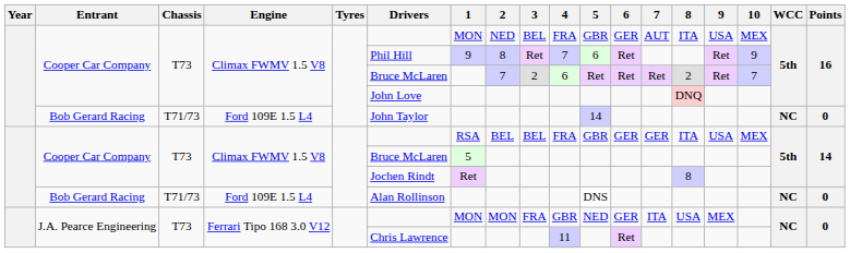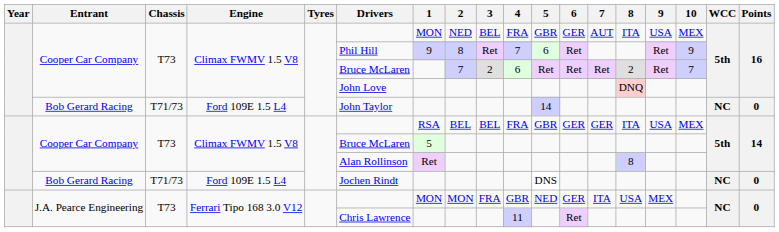 <table class="wikitable" style="font-size:90%; text-align:center">
 <tr>
 <th>Year</th>
 <th>Entrant</th>
 <th>Chassis</th>
 <th>Engine</th>
 <th>Tyres</th>
 <th>Drivers</th>
 <th>1</th>
 <th>2</th>
 <th>3</th>
 <th>4</th>
 <th>5</th>
 <th>6</th>
 <th>7</th>
 <th>8</th>
 <th>9</th>
 <th>10</th>
 <th>WCC</th>
 <th>Points</th>
 </tr>
 <tr>
 <th rowspan="5"></th>
 <td rowspan="4"><a href='#'>Cooper Car Company</a></td>
 <td rowspan="4">T73</td>
 <td rowspan="4"><a href='#'>Climax FWMV</a> 1.5 <a href='#'>V8</a></td>
 <td rowspan="5"></td>
 <td></td>
 <td><a href='#'>MON</a></td>
 <td><a href='#'>NED</a></td>
 <td><a href='#'>BEL</a></td>
 <td><a href='#'>FRA</a></td>
 <td><a href='#'>GBR</a></td>
 <td><a href='#'>GER</a></td>
 <td><a href='#'>AUT</a></td>
 <td><a href='#'>ITA</a></td>
 <td><a href='#'>USA</a></td>
 <td><a href='#'>MEX</a></td>
 <th rowspan="4">5th</th>
 <th rowspan="4">16</th>
 </tr>
 <tr>
 <td style="text-align:left"> <a href='#'>Phil Hill</a></td>
 <td style="background:#CFCFFF">9</td>
 <td style="background:#CFCFFF">8</td>
 <td style="background:#EFCFFF">Ret</td>
 <td style="background:#CFCFFF">7</td>
 <td style="background:#DFFFDF">6</td>
 <td style="background:#EFCFFF">Ret</td>
 <td></td>
 <td></td>
 <td style="background:#EFCFFF">Ret</td>
 <td style="background:#CFCFFF">9</td>
 </tr>
 <tr>
 <td style="text-align:left"> <a href='#'>Bruce McLaren</a></td>
 <td></td>
 <td style="background:#CFCFFF">7</td>
 <td style="background:#DFDFDF">2</td>
 <td style="background:#DFFFDF">6</td>
 <td style="background:#EFCFFF">Ret</td>
 <td style="background:#EFCFFF">Ret</td>
 <td style="background:#EFCFFF">Ret</td>
 <td style="background:#DFDFDF">2</td>
 <td style="background:#EFCFFF">Ret</td>
 <td style="background:#CFCFFF">7</td>
 </tr>
 <tr>
 <td style="text-align:left"> <a href='#'>John Love</a></td>
 <td></td>
 <td></td>
 <td></td>
 <td></td>
 <td></td>
 <td></td>
 <td></td>
 <td style="background:#FFCFCF">DNQ</td>
 <td></td>
 <td></td>
 </tr>
 <tr>
 <td><a href='#'>Bob Gerard Racing</a></td>
 <td>T71/73</td>
 <td><a href='#'>Ford</a> 109E 1.5 <a href='#'>L4</a></td>
 <td style="text-align:left"> <a href='#'>John Taylor</a></td>
 <td></td>
 <td></td>
 <td></td>
 <td></td>
 <td style="background:#CFCFFF">14</td>
 <td></td>
 <td></td>
 <td></td>
 <td></td>
 <td></td>
 <th>NC</th>
 <th>0</th>
 </tr>
 <tr>
 <th rowspan="4"></th>
 <td rowspan="3"><a href='#'>Cooper Car Company</a></td>
 <td rowspan="3">T73</td>
 <td rowspan="3"><a href='#'>Climax FWMV</a> 1.5 <a href='#'>V8</a></td>
 <td rowspan="4"></td>
 <td></td>
 <td><a href='#'>RSA</a></td>
 <td><a href='#'>BEL</a></td>
 <td><a href='#'>BEL</a></td>
 <td><a href='#'>FRA</a></td>
 <td><a href='#'>GBR</a></td>
 <td><a href='#'>GER</a></td>
 <td><a href='#'>GER</a></td>
 <td><a href='#'>ITA</a></td>
 <td><a href='#'>USA</a></td>
 <td><a href='#'>MEX</a></td>
 <th rowspan="3">5th</th>
 <th rowspan="3">14</th>
 </tr>
 <tr>
 <td style="text-align:left"> <a href='#'>Bruce McLaren</a></td>
 <td style="background:#DFFFDF">5</td>
 <td></td>
 <td></td>
 <td></td>
 <td></td>
 <td></td>
 <td></td>
 <td></td>
 <td></td>
 <td></td>
 </tr>
 <tr>
-<td style="text-align:left"> <a href='#'>Jochen Rindt</a></td>
+<td style="text-align:left"> <a href='#'>Alan Rollinson</a></td>
 <td style="background:#EFCFFF">Ret</td>
 <td></td>
 <td></td>
 <td></td>
 <td></td>
 <td></td>
 <td></td>
 <td style="background:#CFCFFF">8</td>
 <td></td>
 <td></td>
 </tr>
 <tr>
 <td><a href='#'>Bob Gerard Racing</a></td>
 <td>T71/73</td>
 <td><a href='#'>Ford</a> 109E 1.5 <a href='#'>L4</a></td>
-<td style="text-align:left"> <a href='#'>Alan Rollinson</a></td>
+<td style="text-align:left"> <a href='#'>Jochen Rindt</a></td>
 <td></td>
 <td></td>
 <td></td>
 <td></td>
 <td style="background:#FFFFFF">DNS</td>
 <td></td>
 <td></td>
 <td></td>
 <td></td>
 <td></td>
 <th>NC</th>
 <th>0</th>
 </tr>
 <tr>
 <th rowspan="2"></th>
 <td rowspan="2">J.A. Pearce Engineering</td>
 <td rowspan="2">T73</td>
 <td rowspan="2"><a href='#'>Ferrari</a> Tipo 168 3.0 <a href='#'>V12</a></td>
 <td rowspan="2"></td>
 <td></td>
 <td><a href='#'>MON</a></td>
 <td><a href='#'>MON</a></td>
 <td><a href='#'>FRA</a></td>
 <td><a href='#'>GBR</a></td>
 <td><a href='#'>NED</a></td>
 <td><a href='#'>GER</a></td>
 <td><a href='#'>ITA</a></td>
 <td><a href='#'>USA</a></td>
 <td><a href='#'>MEX</a></td>
 <td></td>
 <th rowspan="2">NC</th>
 <th rowspan="2">0</th>
 </tr>
 <tr>
 <td style="text-align:left"> <a href='#'>Chris Lawrence</a></td>
 <td></td>
 <td></td>
 <td></td>
 <td style="background:#CFCFFF">11</td>
 <td></td>
 <td style="background:#EFCFFF">Ret</td>
 <td></td>
 <td></td>
 <td></td>
 <td></td>
 </tr>
 </table>
